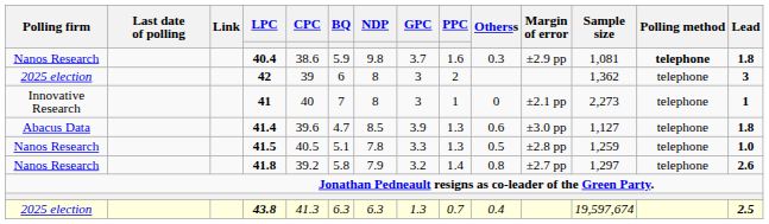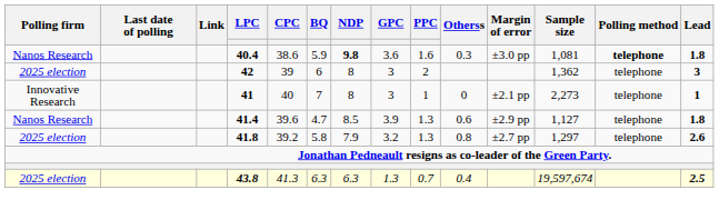 <table class="wikitable sortable mw-datatable mw-collapsible" style="text-align:center;font-size:90%;line-height:14px;">
 <tr style="height:40px;">
 <th rowspan="2" style="width:105px;">Polling firm</th>
 <th rowspan="2" style="width:105px;">Last date<br>of polling</th>
 <th rowspan="2">Link</th>
 <th style="width:40px;"><a href='#'>LPC</a></th>
 <th style="width:40px;"><a href='#'>CPC</a></th>
 <th><a href='#'>BQ</a></th>
 <th style="width:40px;"><a href='#'>NDP</a></th>
 <th style="width:40px;"><a href='#'>GPC</a></th>
 <th><a href='#'>PPC</a></th>
 <th rowspan="2" style="width:40px"><a href='#'>Others</a>s</th>
 <th rowspan="2">Margin<br>of error</th>
 <th rowspan="2">Sample<br>size</th>
 <th rowspan="2">Polling method</th>
 <th rowspan="2">Lead</th>
 </tr>
 <tr class="sorttop">
 <th style="background:"></th>
 <th style="background:"></th>
 <th style="background:"></th>
 <th style="background:"></th>
 <th style="background:"></th>
 <th style="background:"></th>
 </tr>
 <tr>
 <td><a href='#'>Nanos Research</a></td>
 <td></td>
 <td></td>
 <td><strong>40.4</strong></td>
 <td>38.6</td>
 <td>5.9</td>
-<td>9.8</td>
-<td>3.7</td>
+<td><strong>9.8</strong></td>
+<td>3.6</td>
 <td>1.6</td>
 <td>0.3</td>
-<td>±2.9 pp</td>
+<td>±3.0 pp</td>
 <td>1,081</td>
 <td><strong>telephone</strong></td>
 <td><strong>1.8</strong></td>
 </tr>
 <tr>
 <td><em><a href='#'>2025 election</a></em></td>
 <td></td>
 <td></td>
 <td><strong>42</strong></td>
 <td>39</td>
 <td>6</td>
 <td>8</td>
 <td>3</td>
 <td>2</td>
 <td></td>
 <td></td>
 <td>1,362</td>
 <td>telephone</td>
 <td><strong>3</strong></td>
 </tr>
 <tr>
 <td>Innovative Research</td>
 <td></td>
 <td></td>
 <td><strong>41</strong></td>
 <td>40</td>
 <td>7</td>
 <td>8</td>
 <td>3</td>
 <td>1</td>
 <td>0</td>
 <td>±2.1 pp</td>
 <td>2,273</td>
 <td>telephone</td>
 <td><strong>1</strong></td>
 </tr>
 <tr>
-<td><a href='#'>Abacus Data</a></td>
+<td><a href='#'>Nanos Research</a></td>
 <td></td>
 <td></td>
 <td><strong>41.4</strong></td>
 <td>39.6</td>
 <td>4.7</td>
 <td>8.5</td>
 <td>3.9</td>
 <td>1.3</td>
 <td>0.6</td>
-<td>±3.0 pp</td>
+<td>±2.9 pp</td>
 <td>1,127</td>
 <td>telephone</td>
 <td><strong>1.8</strong></td>
 </tr>
 <tr>
-<td><a href='#'>Nanos Research</a></td>
-<td></td>
-<td></td>
-<td><strong>41.5</strong></td>
-<td>40.5</td>
-<td>5.1</td>
-<td>7.8</td>
-<td>3.3</td>
-<td>1.3</td>
-<td>0.5</td>
-<td>±2.8 pp</td>
-<td>1,259</td>
-<td>telephone</td>
-<td><strong>1.0</strong></td>
-</tr>
-<tr>
-<td><a href='#'>Nanos Research</a></td>
+<td><em><a href='#'>2025 election</a></em></td>
 <td></td>
 <td></td>
 <td><strong>41.8</strong></td>
 <td>39.2</td>
 <td>5.8</td>
 <td>7.9</td>
 <td>3.2</td>
-<td>1.4</td>
+<td>1.3</td>
 <td>0.8</td>
 <td>±2.7 pp</td>
 <td>1,297</td>
 <td>telephone</td>
 <td><strong>2.6</strong></td>
 </tr>
 <tr>
 <td style="border-right-style:hidden;"></td>
 <td style="border-right-style:hidden;"><strong></strong></td>
 <td colspan="12"><strong><a href='#'>Jonathan Pedneault</a> resigns as co-leader of the <a href='#'>Green Party</a>.</strong></td>
 </tr>
 <tr>
 <th colspan="14"></th>
 </tr>
 <tr style="background:#ffd;">
 <td><em><a href='#'>2025 election</a></em></td>
 <td></td>
 <td></td>
 <td><strong><em>43.8</em></strong></td>
 <td><em>41.3</em></td>
 <td><em>6.3</em></td>
 <td><em>6.3</em></td>
 <td><em>1.3</em></td>
 <td><em>0.7</em></td>
 <td><em>0.4</em></td>
 <td></td>
 <td><em>19,597,674</em></td>
 <td></td>
 <td><strong><em>2.5</em></strong></td>
 </tr>
 </table>
